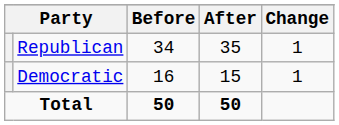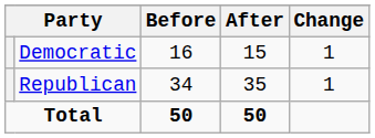 <table class="wikitable" style="text-align:center;">
 <tr>
 </tr>
 <tr>
 <th colspan=2>Party</th>
 <th>Before</th>
 <th>After</th>
 <th>Change</th>
 </tr>
 <tr>
 <th style="background-color:"></th>
-<td style="text-align:left;"><a href='#'>Republican</a></td>
-<td>34</td>
-<td>35</td>
+<td style="text-align:left;"><a href='#'>Democratic</a></td>
+<td>16</td>
+<td>15</td>
 <td> 1</td>
 </tr>
 <tr>
 <th style="background-color:"></th>
-<td style="text-align:left;"><a href='#'>Democratic</a></td>
-<td>16</td>
-<td>15</td>
+<td style="text-align:left;"><a href='#'>Republican</a></td>
+<td>34</td>
+<td>35</td>
 <td> 1</td>
 </tr>
 <tr>
 <td colspan=2><strong>Total</strong></td>
 <td><strong>50</strong></td>
 <td><strong>50</strong></td>
 <td></td>
 </tr>
 </table>
